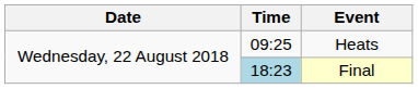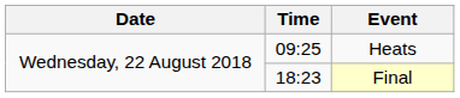 <table class = "wikitable" style="text-align:center;">
 <tr>
 <th width=220>Date</th>
 <th width=50>Time</th>
 <th width=100>Event</th>
 </tr>
 <tr>
 <td rowspan=2>Wednesday, 22 August 2018</td>
 <td>09:25</td>
 <td>Heats</td>
 </tr>
 <tr>
-<td style="background: lightblue;">18:23</td>
+<td>18:23</td>
 <td bgcolor=ffffcc>Final</td>
 </tr>
 </table>
